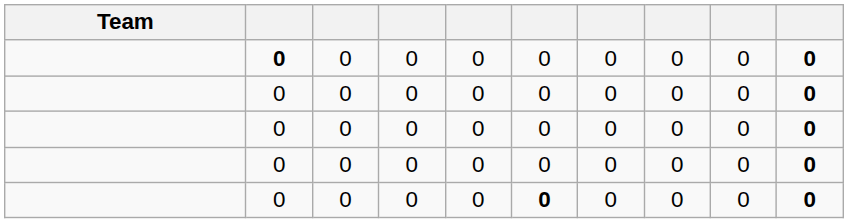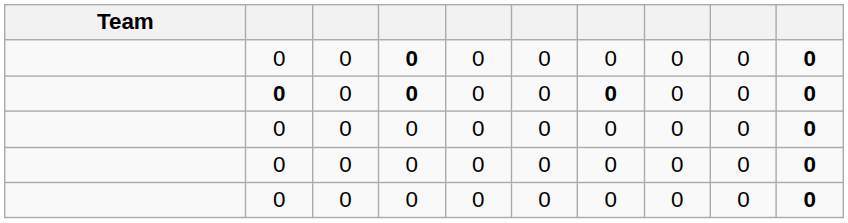 <table class="wikitable" style="text-align:center;">
 <tr>
 <th width=165>Team</th>
 <th width=40></th>
 <th width=40></th>
 <th width=40></th>
 <th width=40></th>
 <th width=40></th>
 <th width=40></th>
 <th width=40></th>
 <th width=40></th>
 <th width=40></th>
 </tr>
 <tr style="background:">
 <td style="text-align:left;"><strong></strong></td>
+<td>0</td>
+<td>0</td>
 <td><strong>0</strong></td>
 <td>0</td>
 <td>0</td>
 <td>0</td>
 <td>0</td>
 <td>0</td>
+<td><strong>0</strong></td>
+</tr>
+<tr style="background:">
+<td style="text-align:left;"></td>
+<td><strong>0</strong></td>
+<td>0</td>
+<td><strong>0</strong></td>
+<td>0</td>
+<td>0</td>
+<td><strong>0</strong></td>
 <td>0</td>
 <td>0</td>
 <td><strong>0</strong></td>
 </tr>
 <tr style="background:">
 <td style="text-align:left;"></td>
 <td>0</td>
 <td>0</td>
 <td>0</td>
 <td>0</td>
 <td>0</td>
 <td>0</td>
 <td>0</td>
 <td>0</td>
 <td><strong>0</strong></td>
 </tr>
 <tr style="background:">
 <td style="text-align:left;"></td>
 <td>0</td>
 <td>0</td>
 <td>0</td>
 <td>0</td>
 <td>0</td>
 <td>0</td>
 <td>0</td>
 <td>0</td>
 <td><strong>0</strong></td>
 </tr>
 <tr style="background:">
 <td style="text-align:left;"></td>
 <td>0</td>
 <td>0</td>
 <td>0</td>
 <td>0</td>
 <td>0</td>
 <td>0</td>
 <td>0</td>
 <td>0</td>
 <td><strong>0</strong></td>
 </tr>
-<tr style="background:">
-<td style="text-align:left;"></td>
-<td>0</td>
-<td>0</td>
-<td>0</td>
-<td>0</td>
-<td><strong>0</strong></td>
-<td>0</td>
-<td>0</td>
-<td>0</td>
-<td><strong>0</strong></td>
-</tr>
 </table>
